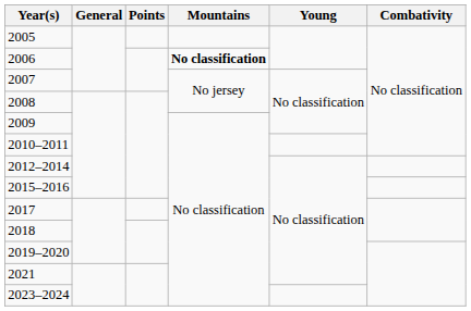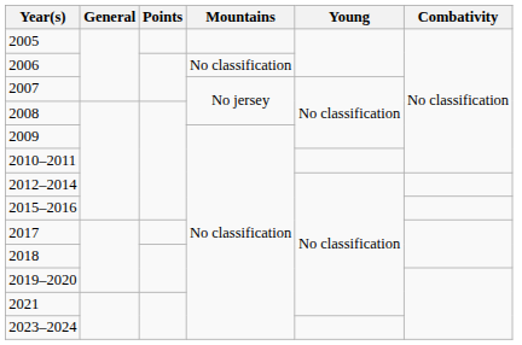 <table class="wikitable">
 <tr>
 <th>Year(s)</th>
 <th>General</th>
 <th>Points</th>
 <th>Mountains</th>
 <th>Young</th>
 <th>Combativity</th>
 </tr>
 <tr>
 <td>2005</td>
 <td align="center" rowspan="3"></td>
 <td align="center"></td>
 <td align="center"></td>
 <td align="center" rowspan="2"></td>
 <td align="center" rowspan="6">No classification</td>
 </tr>
 <tr>
 <td>2006</td>
 <td align="center" rowspan="2"></td>
-<td align="center"><strong>No classification</strong></td>
+<td align="center">No classification</td>
 </tr>
 <tr>
 <td>2007</td>
 <td align="center" rowspan="2">No jersey</td>
 <td align="center" rowspan="3">No classification</td>
 </tr>
 <tr>
 <td>2008</td>
 <td align="center" rowspan="5"></td>
 <td align="center" rowspan="5"></td>
 </tr>
 <tr>
 <td>2009</td>
 <td align="center" rowspan="9">No classification</td>
 </tr>
 <tr>
 <td>2010–2011</td>
 <td align="center"></td>
 </tr>
 <tr>
 <td>2012–2014</td>
 <td align="center" rowspan="6">No classification</td>
 <td align="center"></td>
 </tr>
 <tr>
 <td>2015–2016</td>
 <td align="center"></td>
 </tr>
 <tr>
 <td>2017</td>
 <td align="center" rowspan="3"></td>
 <td align="center"></td>
 <td align="center" rowspan="2"></td>
 </tr>
 <tr>
 <td>2018</td>
 <td align="center" rowspan="2"></td>
 </tr>
 <tr>
 <td>2019–2020</td>
 <td align="center" rowspan="3"></td>
 </tr>
 <tr>
 <td>2021</td>
 <td align="center" rowspan="2"></td>
 <td align="center" rowspan="2"></td>
 </tr>
 <tr>
 <td>2023–2024</td>
 <td align="center"></td>
 </tr>
 </table>
